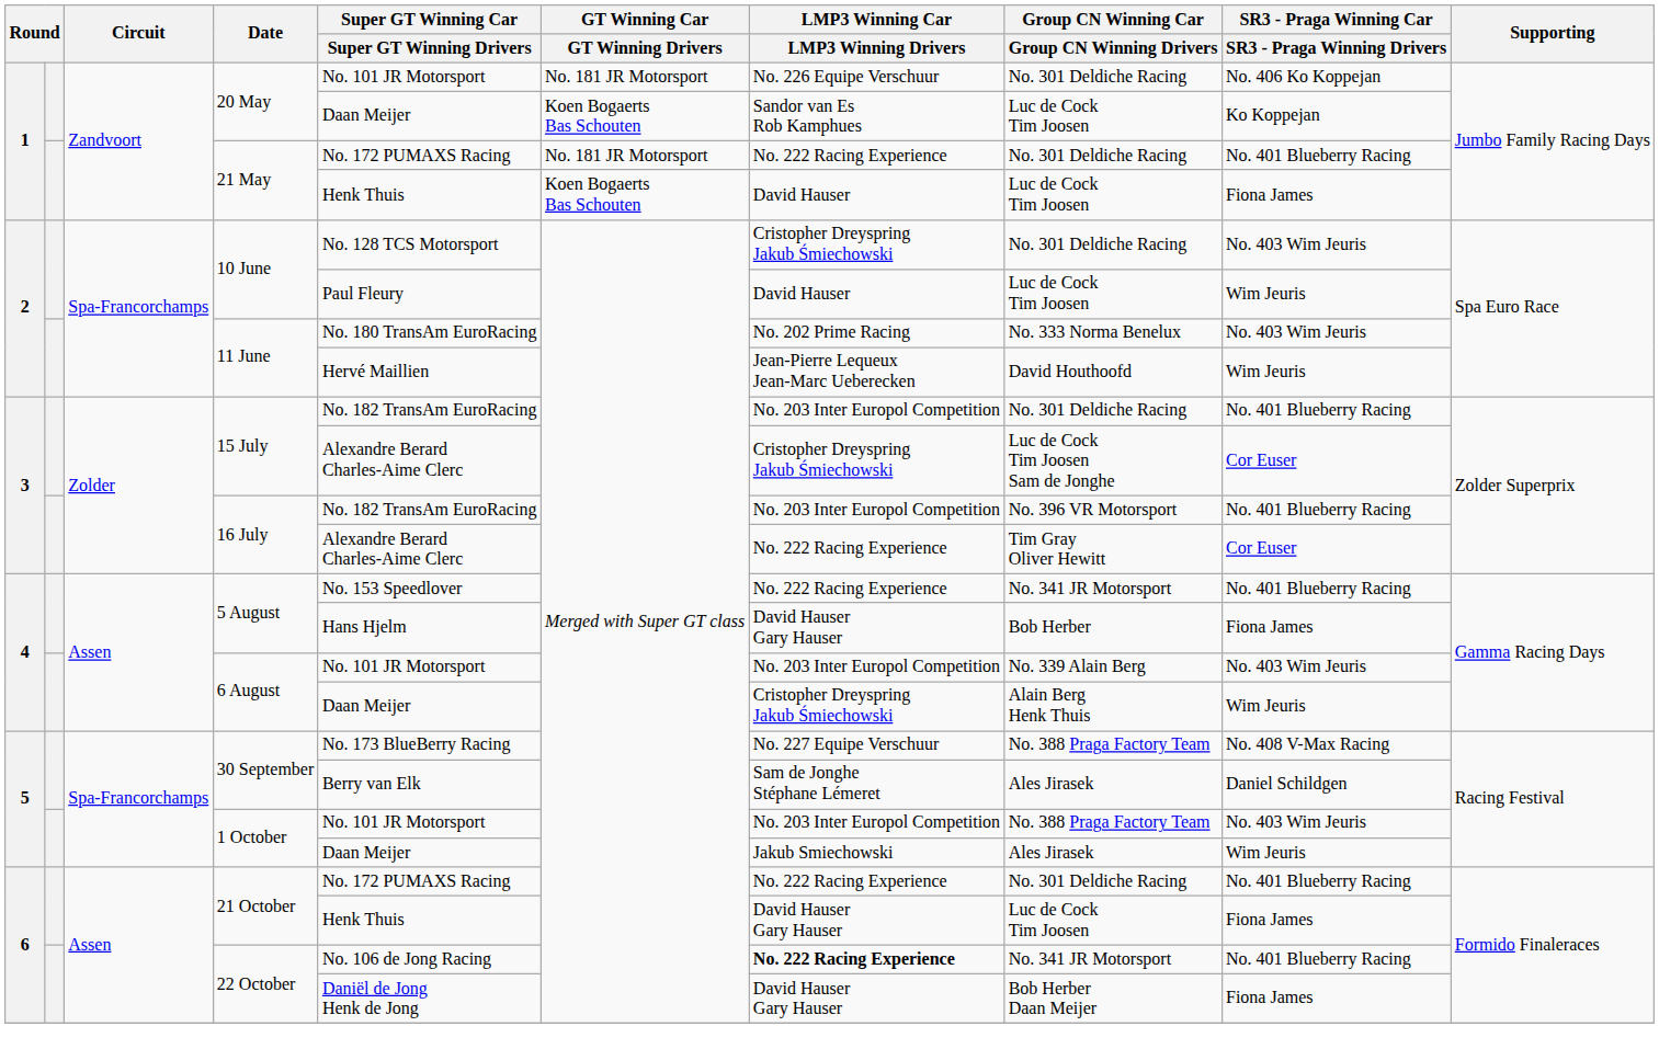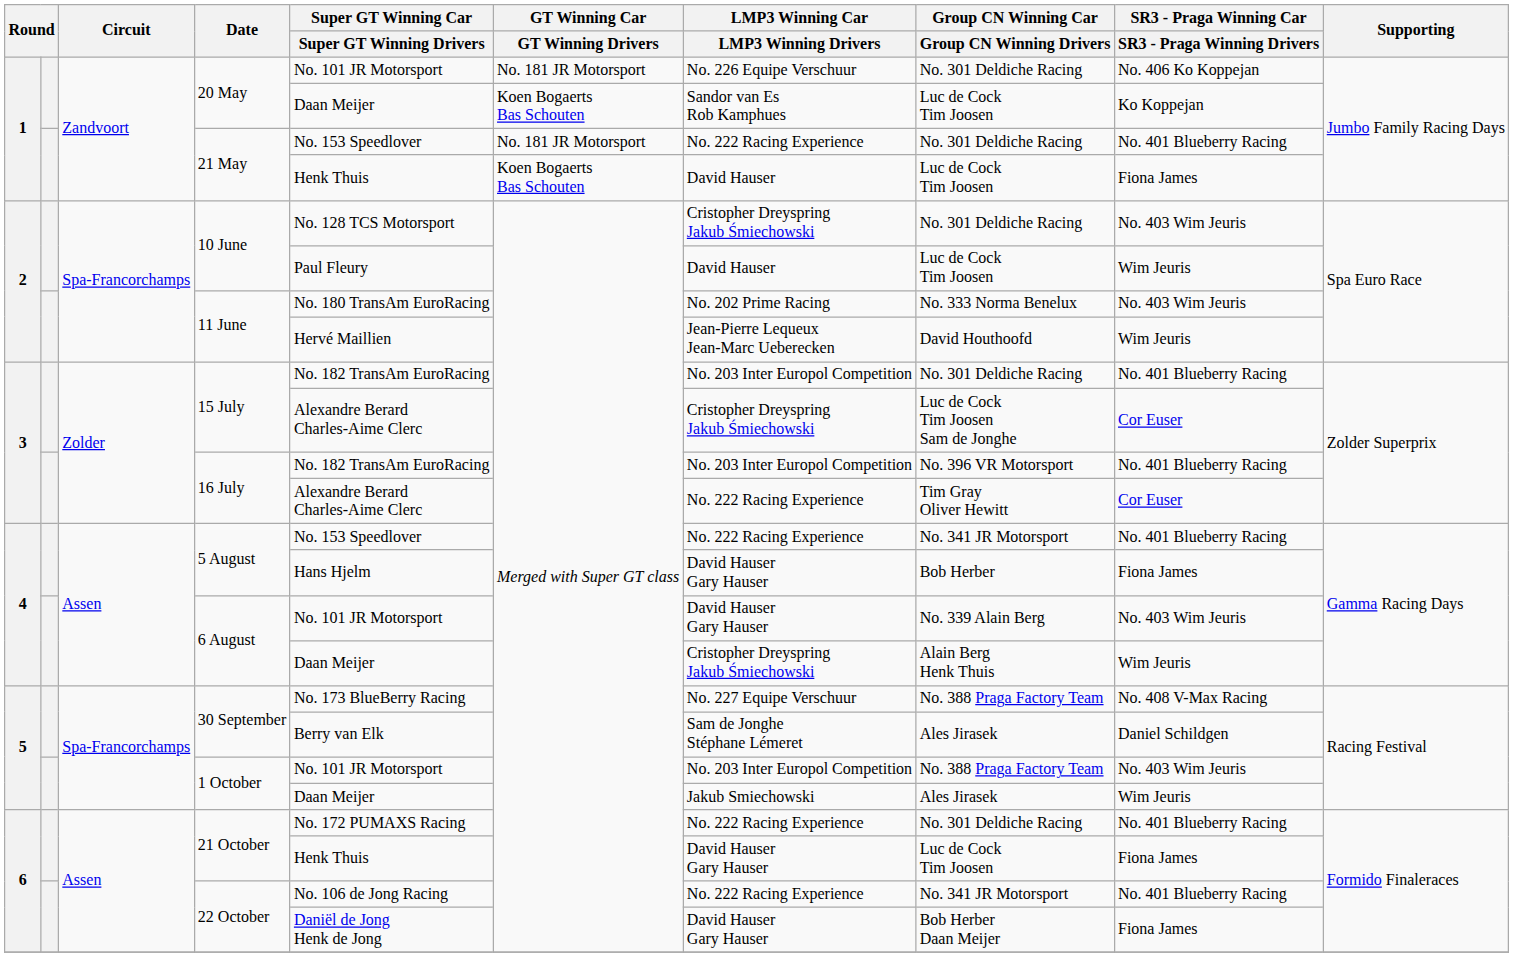 <table class="wikitable" style="font-size: 80%;">
 <tr>
 <th rowspan=2 colspan=2>Round</th>
 <th rowspan=2>Circuit</th>
 <th rowspan=2>Date</th>
 <th>Super GT Winning Car</th>
 <th>GT Winning Car</th>
 <th>LMP3 Winning Car</th>
 <th>Group CN Winning Car</th>
 <th>SR3 - Praga Winning Car</th>
 <th rowspan=2>Supporting</th>
 </tr>
 <tr>
 <th>Super GT Winning Drivers</th>
 <th>GT Winning Drivers</th>
 <th>LMP3 Winning Drivers</th>
 <th>Group CN Winning Drivers</th>
 <th>SR3 - Praga Winning Drivers</th>
 </tr>
 <tr>
 <th rowspan=4>1</th>
 <th rowspan=2></th>
 <td rowspan=4> <a href='#'>Zandvoort</a></td>
 <td rowspan=2>20 May</td>
 <td> No. 101 JR Motorsport</td>
 <td> No. 181 JR Motorsport</td>
 <td> No. 226 Equipe Verschuur</td>
 <td> No. 301 Deldiche Racing</td>
 <td> No. 406 Ko Koppejan</td>
 <td rowspan=4><a href='#'>Jumbo</a> Family Racing Days</td>
 </tr>
 <tr>
 <td> Daan Meijer</td>
 <td> Koen Bogaerts<br> <a href='#'>Bas Schouten</a></td>
 <td> Sandor van Es<br> Rob Kamphues</td>
 <td> Luc de Cock<br> Tim Joosen</td>
 <td> Ko Koppejan</td>
 </tr>
 <tr>
 <th rowspan=2></th>
 <td rowspan=2>21 May</td>
-<td> No. 172 PUMAXS Racing</td>
+<td> No. 153 Speedlover</td>
 <td> No. 181 JR Motorsport</td>
 <td> No. 222 Racing Experience</td>
 <td> No. 301 Deldiche Racing</td>
 <td> No. 401 Blueberry Racing</td>
 </tr>
 <tr>
 <td> Henk Thuis</td>
 <td> Koen Bogaerts<br> <a href='#'>Bas Schouten</a></td>
 <td> David Hauser</td>
 <td> Luc de Cock<br> Tim Joosen</td>
 <td> Fiona James</td>
 </tr>
 <tr>
 <th rowspan=4>2</th>
 <th rowspan=2></th>
 <td rowspan=4> <a href='#'>Spa-Francorchamps</a></td>
 <td rowspan=2>10 June</td>
 <td> No. 128 TCS Motorsport</td>
 <td rowspan=20><em>Merged with Super GT class</em></td>
 <td> Cristopher Dreyspring<br> <a href='#'>Jakub Śmiechowski</a></td>
 <td> No. 301 Deldiche Racing</td>
 <td> No. 403 Wim Jeuris</td>
 <td rowspan=4>Spa Euro Race</td>
 </tr>
 <tr>
 <td> Paul Fleury</td>
 <td> David Hauser</td>
 <td> Luc de Cock<br> Tim Joosen</td>
 <td> Wim Jeuris</td>
 </tr>
 <tr>
 <th rowspan=2></th>
 <td rowspan=2>11 June</td>
 <td> No. 180 TransAm EuroRacing</td>
 <td> No. 202 Prime Racing</td>
 <td> No. 333 Norma Benelux</td>
 <td> No. 403 Wim Jeuris</td>
 </tr>
 <tr>
 <td> Hervé Maillien</td>
 <td> Jean-Pierre Lequeux<br> Jean-Marc Ueberecken</td>
 <td> David Houthoofd</td>
 <td> Wim Jeuris</td>
 </tr>
 <tr>
 <th rowspan=4>3</th>
 <th rowspan=2></th>
 <td rowspan=4> <a href='#'>Zolder</a></td>
 <td rowspan=2>15 July</td>
 <td> No. 182 TransAm EuroRacing</td>
 <td> No. 203 Inter Europol Competition</td>
 <td> No. 301 Deldiche Racing</td>
 <td> No. 401 Blueberry Racing</td>
 <td rowspan=4>Zolder Superprix</td>
 </tr>
 <tr>
 <td> Alexandre Berard<br> Charles-Aime Clerc</td>
 <td> Cristopher Dreyspring<br> <a href='#'>Jakub Śmiechowski</a></td>
 <td> Luc de Cock<br> Tim Joosen<br> Sam de Jonghe</td>
 <td> <a href='#'>Cor Euser</a></td>
 </tr>
 <tr>
 <th rowspan=2></th>
 <td rowspan=2>16 July</td>
 <td> No. 182 TransAm EuroRacing</td>
 <td> No. 203 Inter Europol Competition</td>
 <td> No. 396 VR Motorsport</td>
 <td> No. 401 Blueberry Racing</td>
 </tr>
 <tr>
 <td> Alexandre Berard<br> Charles-Aime Clerc</td>
 <td> No. 222 Racing Experience</td>
 <td> Tim Gray<br> Oliver Hewitt</td>
 <td> <a href='#'>Cor Euser</a></td>
 </tr>
 <tr>
 <th rowspan=4>4</th>
 <th rowspan=2></th>
 <td rowspan=4> <a href='#'>Assen</a></td>
 <td rowspan=2>5 August</td>
 <td> No. 153 Speedlover</td>
 <td> No. 222 Racing Experience</td>
 <td> No. 341 JR Motorsport</td>
 <td> No. 401 Blueberry Racing</td>
 <td rowspan=4><a href='#'>Gamma</a> Racing Days</td>
 </tr>
 <tr>
 <td> Hans Hjelm</td>
 <td> David Hauser<br> Gary Hauser</td>
 <td> Bob Herber</td>
 <td> Fiona James</td>
 </tr>
 <tr>
 <th rowspan=2></th>
 <td rowspan=2>6 August</td>
 <td> No. 101 JR Motorsport</td>
-<td> No. 203 Inter Europol Competition</td>
+<td> David Hauser<br> Gary Hauser</td>
 <td> No. 339 Alain Berg</td>
 <td> No. 403 Wim Jeuris</td>
 </tr>
 <tr>
 <td> Daan Meijer</td>
 <td> Cristopher Dreyspring<br> <a href='#'>Jakub Śmiechowski</a></td>
 <td> Alain Berg<br> Henk Thuis</td>
 <td> Wim Jeuris</td>
 </tr>
 <tr>
 <th rowspan=4>5</th>
 <th rowspan=2></th>
 <td rowspan=4> <a href='#'>Spa-Francorchamps</a></td>
 <td rowspan=2>30 September</td>
 <td> No. 173 BlueBerry Racing</td>
 <td> No. 227 Equipe Verschuur</td>
 <td> No. 388 <a href='#'>Praga Factory Team</a></td>
 <td> No. 408 V-Max Racing</td>
 <td rowspan=4>Racing Festival</td>
 </tr>
 <tr>
 <td> Berry van Elk</td>
 <td> Sam de Jonghe<br> Stéphane Lémeret</td>
 <td> Ales Jirasek</td>
 <td> Daniel Schildgen</td>
 </tr>
 <tr>
 <th rowspan=2></th>
 <td rowspan=2>1 October</td>
 <td> No. 101 JR Motorsport</td>
 <td> No. 203 Inter Europol Competition</td>
 <td> No. 388 <a href='#'>Praga Factory Team</a></td>
 <td> No. 403 Wim Jeuris</td>
 </tr>
 <tr>
 <td> Daan Meijer</td>
 <td> Jakub Smiechowski</td>
 <td> Ales Jirasek</td>
 <td> Wim Jeuris</td>
 </tr>
 <tr>
 <th rowspan=4>6</th>
 <th rowspan=2></th>
 <td rowspan=4> <a href='#'>Assen</a></td>
 <td rowspan=2>21 October</td>
 <td> No. 172 PUMAXS Racing</td>
 <td> No. 222 Racing Experience</td>
 <td> No. 301 Deldiche Racing</td>
 <td> No. 401 Blueberry Racing</td>
 <td rowspan=4><a href='#'>Formido</a> Finaleraces</td>
 </tr>
 <tr>
 <td> Henk Thuis</td>
 <td> David Hauser<br> Gary Hauser</td>
 <td> Luc de Cock<br> Tim Joosen</td>
 <td> Fiona James</td>
 </tr>
 <tr>
 <th rowspan=2></th>
 <td rowspan=2>22 October</td>
 <td> No. 106 de Jong Racing</td>
-<td><strong> No. 222 Racing Experience</strong></td>
+<td> No. 222 Racing Experience</td>
 <td> No. 341 JR Motorsport</td>
 <td> No. 401 Blueberry Racing</td>
 </tr>
 <tr>
 <td> <a href='#'>Daniël de Jong</a><br> Henk de Jong</td>
 <td> David Hauser<br> Gary Hauser</td>
 <td> Bob Herber<br> Daan Meijer</td>
 <td> Fiona James</td>
 </tr>
 <tr>
 </tr>
 </table>
